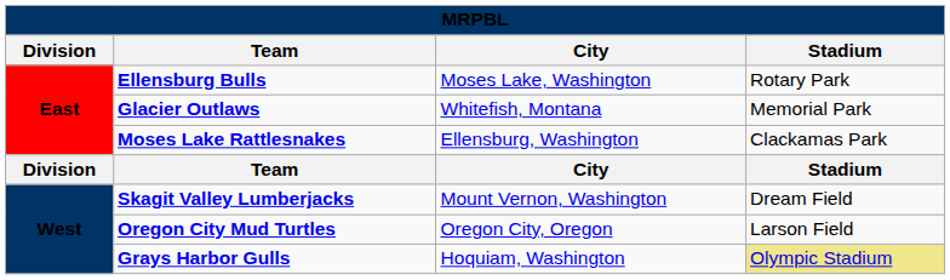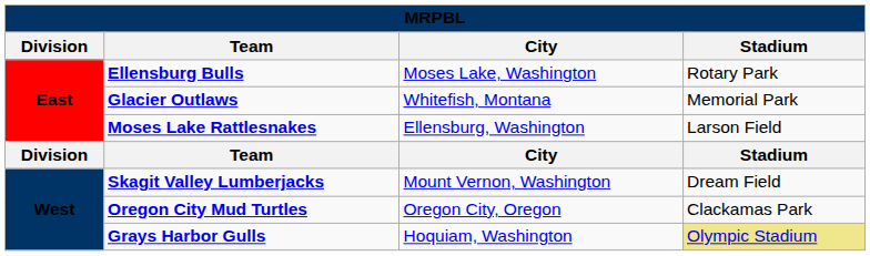 <table class="wikitable" style="width:50em">
 <tr>
 <th style="background-color:#003366" colspan="4"><span>MRPBL</span></th>
 </tr>
 <tr>
 <th>Division</th>
 <th>Team</th>
 <th>City</th>
 <th>Stadium</th>
 </tr>
 <tr>
 <th style="background-color:red" rowspan="3"><span>East</span></th>
 <td><strong><a href='#'>Ellensburg Bulls</a></strong></td>
 <td><a href='#'>Moses Lake, Washington</a></td>
 <td>Rotary Park</td>
 </tr>
 <tr>
 <td><strong><a href='#'>Glacier Outlaws</a></strong></td>
 <td><a href='#'>Whitefish, Montana</a></td>
 <td>Memorial Park</td>
 </tr>
 <tr>
 <td><strong><a href='#'>Moses Lake Rattlesnakes</a></strong></td>
 <td><a href='#'>Ellensburg, Washington</a></td>
-<td>Clackamas Park</td>
+<td>Larson Field</td>
 </tr>
 <tr>
 <th>Division</th>
 <th>Team</th>
 <th>City</th>
 <th>Stadium</th>
 </tr>
 <tr>
 <th style="background-color:#003366" rowspan="7"><span>West</span></th>
 <td><strong><a href='#'>Skagit Valley Lumberjacks</a></strong></td>
 <td><a href='#'>Mount Vernon, Washington</a></td>
 <td>Dream Field</td>
 </tr>
 <tr>
 <td><strong><a href='#'>Oregon City Mud Turtles</a></strong></td>
 <td><a href='#'>Oregon City, Oregon</a></td>
-<td>Larson Field</td>
+<td>Clackamas Park</td>
 </tr>
 <tr>
 <td><strong><a href='#'>Grays Harbor Gulls</a></strong></td>
 <td><a href='#'>Hoquiam, Washington</a></td>
 <td style="background: khaki;"><a href='#'>Olympic Stadium</a></td>
 </tr>
 </table>
